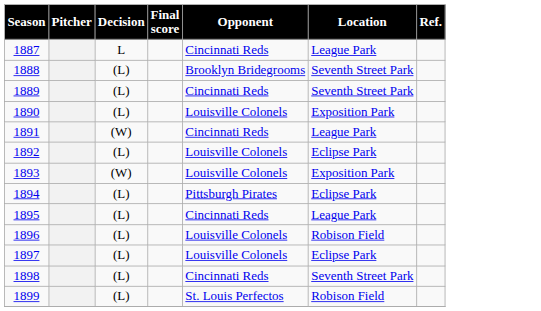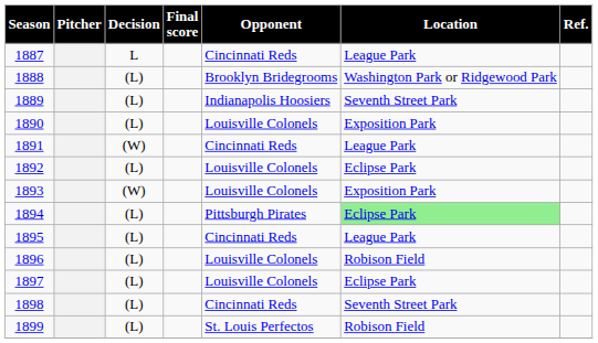 <table class="wikitable sortable plainrowheaders">
 <tr>
 <th scope="col" style="background:#000000; color:#FFFFFF; ">Season</th>
 <th scope="col" style="background:#000000; color:#FFFFFF; ">Pitcher</th>
 <th scope="col" style="background:#000000; color:#FFFFFF; ">Decision</th>
 <th scope="col" style="background:#000000; color:#FFFFFF; ">Final<br>score</th>
 <th scope="col" style="background:#000000; color:#FFFFFF; ">Opponent</th>
 <th scope="col" style="background:#000000; color:#FFFFFF; ">Location</th>
 <th class="unsortable" style="background:#000000; color:#FFFFFF; ">Ref.</th>
 </tr>
 <tr>
 <td align=center><a href='#'>1887</a></td>
 <th scope="row"></th>
 <td align=center>L</td>
 <td align=center></td>
 <td><a href='#'>Cincinnati Reds</a></td>
 <td><a href='#'>League Park</a></td>
 <td align="center"></td>
 </tr>
 <tr>
 <td align=center><a href='#'>1888</a></td>
 <th scope="row"></th>
 <td align=center>(L)</td>
 <td align=center></td>
 <td><a href='#'>Brooklyn Bridegrooms</a></td>
-<td><a href='#'>Seventh Street Park</a></td>
+<td><a href='#'>Washington Park</a> or <a href='#'>Ridgewood Park</a></td>
 <td align="center"></td>
 </tr>
 <tr>
 <td align=center><a href='#'>1889</a></td>
 <th scope="row"></th>
 <td align=center>(L)</td>
 <td align=center></td>
-<td><a href='#'>Cincinnati Reds</a></td>
+<td><a href='#'>Indianapolis Hoosiers</a></td>
 <td><a href='#'>Seventh Street Park</a></td>
 <td align="center"></td>
 </tr>
 <tr>
 <td align=center><a href='#'>1890</a></td>
 <th scope="row"></th>
 <td align=center>(L)</td>
 <td align=center></td>
 <td><a href='#'>Louisville Colonels</a></td>
 <td><a href='#'>Exposition Park</a></td>
 <td align="center"></td>
 </tr>
 <tr>
 <td align=center><a href='#'>1891</a></td>
 <th scope="row"></th>
 <td align=center>(W)</td>
 <td align=center></td>
 <td><a href='#'>Cincinnati Reds</a></td>
 <td><a href='#'>League Park</a></td>
 <td align="center"></td>
 </tr>
 <tr>
 <td align=center><a href='#'>1892</a></td>
 <th scope="row"></th>
 <td align=center>(L)</td>
 <td align=center></td>
 <td><a href='#'>Louisville Colonels</a></td>
 <td><a href='#'>Eclipse Park</a></td>
 <td align="center"></td>
 </tr>
 <tr>
 <td align=center><a href='#'>1893</a></td>
 <th scope="row"> </th>
 <td align=center>(W)</td>
 <td align=center></td>
 <td><a href='#'>Louisville Colonels</a></td>
 <td><a href='#'>Exposition Park</a></td>
 <td align="center"></td>
 </tr>
 <tr>
 <td align=center><a href='#'>1894</a></td>
 <th scope="row"> </th>
 <td align=center>(L)</td>
 <td align=center></td>
 <td><a href='#'>Pittsburgh Pirates</a></td>
-<td><a href='#'>Eclipse Park</a></td>
+<td style="background: lightgreen;"><a href='#'>Eclipse Park</a></td>
 <td align="center"></td>
 </tr>
 <tr>
 <td align=center><a href='#'>1895</a></td>
 <th scope="row"></th>
 <td align=center>(L)</td>
 <td align=center></td>
 <td><a href='#'>Cincinnati Reds</a></td>
 <td><a href='#'>League Park</a></td>
 <td align="center"></td>
 </tr>
 <tr>
 <td align=center><a href='#'>1896</a></td>
 <th scope="row"> </th>
 <td align=center>(L)</td>
 <td align=center></td>
 <td><a href='#'>Louisville Colonels</a></td>
 <td><a href='#'>Robison Field</a></td>
 <td align="center"></td>
 </tr>
 <tr>
 <td align=center><a href='#'>1897</a></td>
 <th scope="row"> </th>
 <td align=center>(L)</td>
 <td align=center></td>
 <td><a href='#'>Louisville Colonels</a></td>
 <td><a href='#'>Eclipse Park</a></td>
 <td align="center"></td>
 </tr>
 <tr>
 <td align=center><a href='#'>1898</a></td>
 <th scope="row"> </th>
 <td align=center>(L)</td>
 <td align=center></td>
 <td><a href='#'>Cincinnati Reds</a></td>
 <td><a href='#'>Seventh Street Park</a></td>
 <td align="center"></td>
 </tr>
 <tr>
 <td align=center><a href='#'>1899</a></td>
 <th scope="row"></th>
 <td align=center>(L)</td>
 <td align=center></td>
 <td><a href='#'>St. Louis Perfectos</a></td>
 <td><a href='#'>Robison Field</a></td>
 <td align="center"></td>
 </tr>
 <tr>
 </tr>
 </table>
